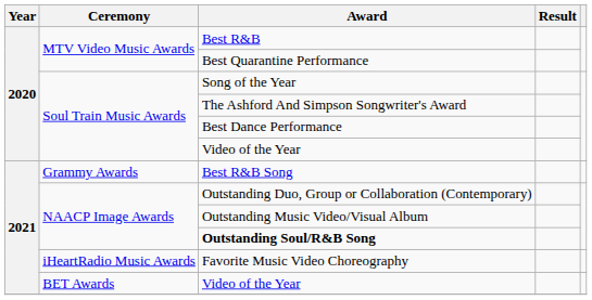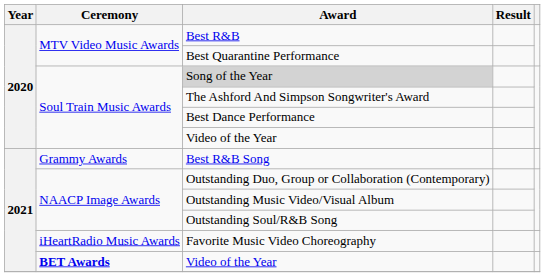 <table class="wikitable sortable plainrowheaders">
 <tr>
 <th scope="col">Year</th>
 <th scope="col">Ceremony</th>
 <th scope="col">Award</th>
 <th scope="col">Result</th>
 <th scope="col" class="unsortable"></th>
 </tr>
 <tr>
 <th scope="row" rowspan="6">2020</th>
 <td rowspan="2"><a href='#'>MTV Video Music Awards</a></td>
 <td><a href='#'>Best R&B</a></td>
 <td></td>
 <td rowspan="2" style="text-align:center;"></td>
 </tr>
 <tr>
 <td>Best Quarantine Performance</td>
 <td></td>
 </tr>
 <tr>
 <td rowspan="4"><a href='#'>Soul Train Music Awards</a></td>
-<td>Song of the Year</td>
+<td style="background: lightgrey;">Song of the Year</td>
 <td></td>
 <td style="text-align: center;" rowspan="4"></td>
 </tr>
 <tr>
 <td>The Ashford And Simpson Songwriter's Award</td>
 <td></td>
 </tr>
 <tr>
 <td>Best Dance Performance</td>
 <td></td>
 </tr>
 <tr>
 <td>Video of the Year</td>
 <td></td>
 </tr>
 <tr>
 <th rowspan="6" scope="row">2021</th>
 <td><a href='#'>Grammy Awards</a></td>
 <td><a href='#'>Best R&B Song</a></td>
 <td></td>
 <td style="text-align: center;"></td>
 </tr>
 <tr>
 <td rowspan="3"><a href='#'>NAACP Image Awards</a></td>
 <td>Outstanding Duo, Group or Collaboration (Contemporary)</td>
 <td></td>
 <td rowspan="3" style="text-align: center;"></td>
 </tr>
 <tr>
 <td>Outstanding Music Video/Visual Album</td>
 <td></td>
 </tr>
 <tr>
-<td><strong>Outstanding Soul/R&B Song</strong></td>
+<td>Outstanding Soul/R&B Song</td>
 <td></td>
 </tr>
 <tr>
 <td><a href='#'>iHeartRadio Music Awards</a></td>
 <td>Favorite Music Video Choreography</td>
 <td></td>
 <td style="text-align: center;"></td>
 </tr>
 <tr>
-<td><a href='#'>BET Awards</a></td>
+<td><strong><a href='#'>BET Awards</a></strong></td>
 <td><a href='#'>Video of the Year</a></td>
 <td></td>
 <td style="text-align: center;"></td>
 </tr>
 <tr>
 </tr>
 </table>
